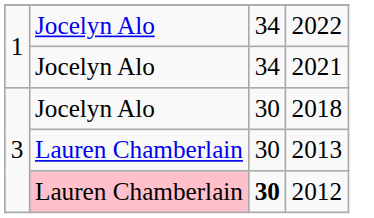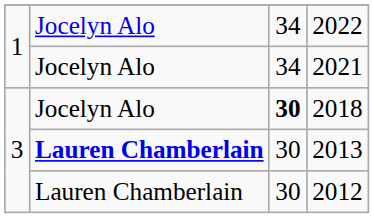 <table class="wikitable" style="font-size: 95%; text-align:left;">
 <tr>
 </tr>
 <tr>
 <td rowspan=2 align="center">1</td>
 <td><a href='#'>Jocelyn Alo</a></td>
 <td align="center">34</td>
 <td align="center">2022</td>
 </tr>
 <tr>
 <td>Jocelyn Alo</td>
 <td align="center">34</td>
 <td align="center">2021</td>
 </tr>
 <tr>
 <td rowspan=3 align="center">3</td>
 <td>Jocelyn Alo</td>
-<td align="center">30</td>
+<td align="center"><strong>30</strong></td>
 <td align="center">2018</td>
 </tr>
 <tr>
-<td><a href='#'>Lauren Chamberlain</a></td>
+<td><strong><a href='#'>Lauren Chamberlain</a></strong></td>
 <td align="center">30</td>
 <td align="center">2013</td>
 </tr>
 <tr>
-<td style="background: pink;">Lauren Chamberlain</td>
-<td align="center"><strong>30</strong></td>
+<td>Lauren Chamberlain</td>
+<td align="center">30</td>
 <td align="center">2012</td>
 </tr>
 </table>
